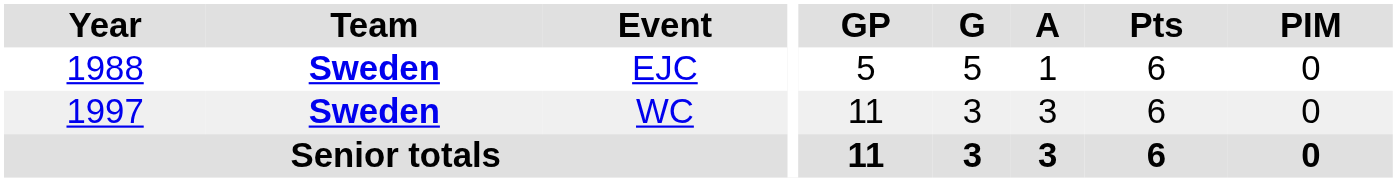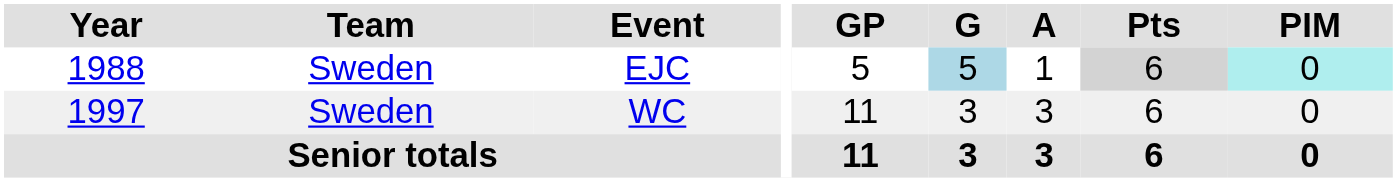 <table border="0" cellpadding="1" cellspacing="0" ID="Table3" style="text-align:center; width:40em">
 <tr ALIGN="center" bgcolor="#e0e0e0">
 <th>Year</th>
 <th>Team</th>
 <th>Event</th>
 <th rowspan="99" bgcolor="#ffffff"></th>
 <th>GP</th>
 <th>G</th>
 <th>A</th>
 <th>Pts</th>
 <th>PIM</th>
 </tr>
 <tr>
 <td><a href='#'>1988</a></td>
-<td><strong><a href='#'>Sweden</a></strong></td>
+<td><a href='#'>Sweden</a></td>
 <td><a href='#'>EJC</a></td>
 <td>5</td>
-<td>5</td>
+<td style="background: lightblue;">5</td>
 <td>1</td>
-<td>6</td>
-<td>0</td>
+<td style="background: lightgrey;">6</td>
+<td style="background: paleturquoise;">0</td>
 </tr>
 <tr bgcolor="#f0f0f0">
 <td><a href='#'>1997</a></td>
-<td><strong><a href='#'>Sweden</a></strong></td>
+<td><a href='#'>Sweden</a></td>
 <td><a href='#'>WC</a></td>
 <td>11</td>
 <td>3</td>
 <td>3</td>
 <td>6</td>
 <td>0</td>
 </tr>
 <tr bgcolor="#e0e0e0">
 <th colspan="3">Senior totals</th>
 <th>11</th>
 <th>3</th>
 <th>3</th>
 <th>6</th>
 <th>0</th>
 </tr>
 </table>
